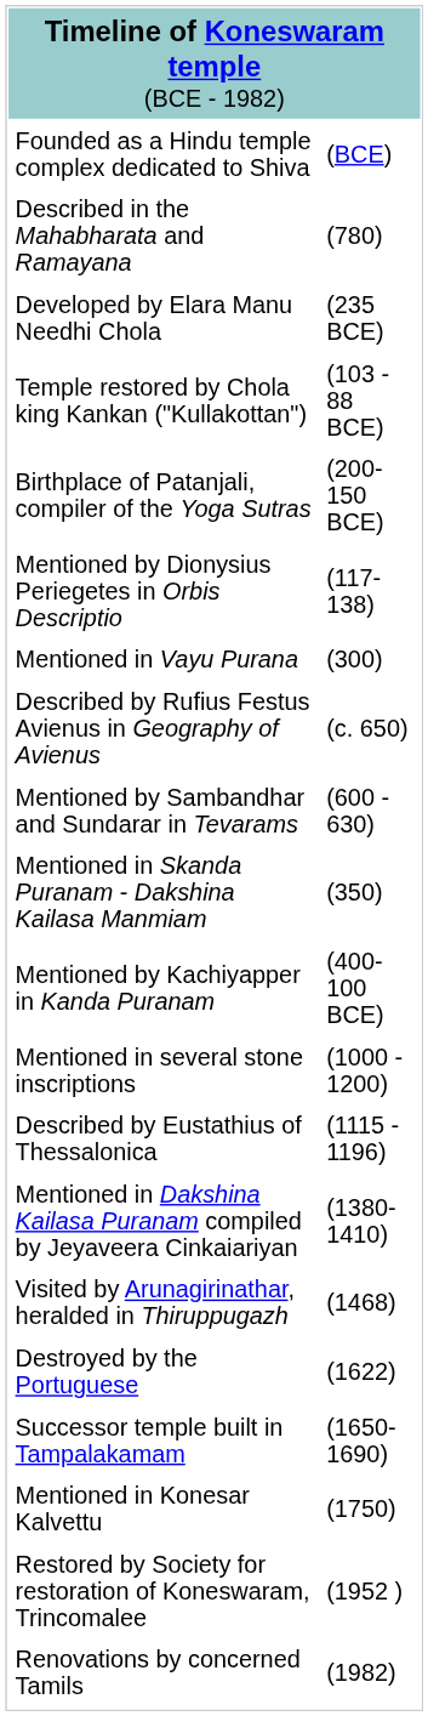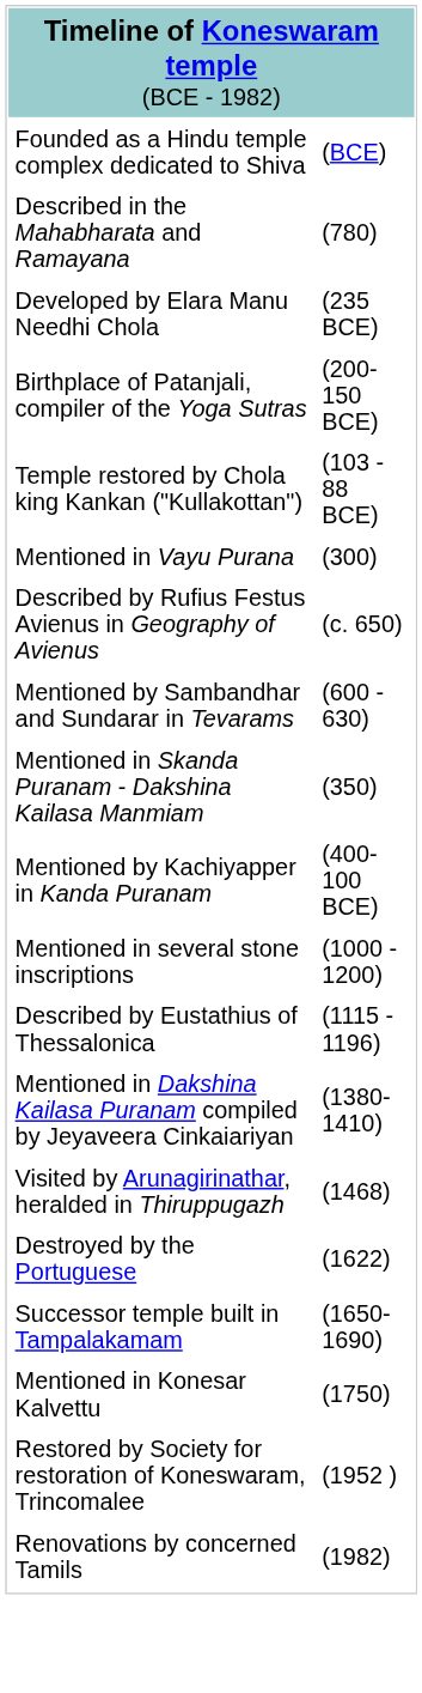 <table width="250" cellpadding="4" cellspacing="1" style="float: right; margin: 0 0 1em 1em; font-family: arial; font-size: 90%; background-color: ##F0F8FF; border: 1px solid #cccccc;">
 <tr>
 <td colspan="2" style="text-align:center;background-color:#99CCCC"><big><strong>Timeline of <a href='#'>Koneswaram  temple</a></strong></big> <br>(BCE - 1982)<br></td>
 </tr>
 <tr>
 <td>Founded as a Hindu temple complex dedicated to Shiva</td>
 <td>(<a href='#'>BCE</a>)</td>
 </tr>
 <tr>
 <td>Described in the <em>Mahabharata</em> and <em>Ramayana</em></td>
 <td>(780)</td>
 </tr>
 <tr>
 <td>Developed by Elara Manu Needhi Chola</td>
 <td>(235 BCE)</td>
 </tr>
 <tr>
-<td>Temple restored by Chola king Kankan ("Kullakottan")</td>
-<td>(103 - 88 BCE)</td>
-</tr>
-<tr>
 <td>Birthplace of Patanjali, compiler of the <em>Yoga Sutras</em></td>
 <td>(200-150 BCE)</td>
 </tr>
 <tr>
-<td>Mentioned by Dionysius Periegetes in <em>Orbis Descriptio</em></td>
-<td>(117-138)</td>
+<td>Temple restored by Chola king Kankan ("Kullakottan")</td>
+<td>(103 - 88 BCE)</td>
 </tr>
 <tr>
 <td>Mentioned in <em>Vayu Purana</em></td>
 <td>(300)</td>
 </tr>
 <tr>
 <td>Described by Rufius Festus Avienus in <em>Geography of Avienus</em></td>
 <td>(c. 650)</td>
 </tr>
 <tr>
 <td>Mentioned by Sambandhar and Sundarar in <em>Tevarams</em></td>
 <td>(600 - 630)</td>
 </tr>
 <tr>
 <td>Mentioned in <em>Skanda Puranam</em> - <em>Dakshina Kailasa Manmiam</em></td>
 <td>(350)</td>
 </tr>
 <tr>
 <td>Mentioned by Kachiyapper in <em>Kanda Puranam</em></td>
 <td>(400-100 BCE)</td>
 </tr>
 <tr>
 <td>Mentioned in several stone inscriptions</td>
 <td>(1000 - 1200)</td>
 </tr>
 <tr>
 <td>Described by Eustathius of Thessalonica</td>
 <td>(1115 - 1196)</td>
 </tr>
 <tr>
 <td>Mentioned in <em><a href='#'>Dakshina Kailasa Puranam</a></em> compiled by Jeyaveera Cinkaiariyan</td>
 <td>(1380-1410)</td>
 </tr>
 <tr>
 <td>Visited by <a href='#'>Arunagirinathar</a>, heralded in <em>Thiruppugazh</em></td>
 <td>(1468)</td>
 </tr>
 <tr>
 <td>Destroyed by the <a href='#'>Portuguese</a></td>
 <td>(1622)</td>
 </tr>
 <tr>
 <td>Successor temple built in <a href='#'>Tampalakamam</a></td>
 <td>(1650-1690)</td>
 </tr>
 <tr>
 <td>Mentioned in Konesar Kalvettu</td>
 <td>(1750)</td>
 </tr>
 <tr>
 <td>Restored by Society for restoration of Koneswaram, Trincomalee</td>
 <td>(1952 )</td>
 </tr>
 <tr>
 <td>Renovations by concerned Tamils</td>
 <td>(1982)</td>
 </tr>
 <tr>
 </tr>
 </table>
